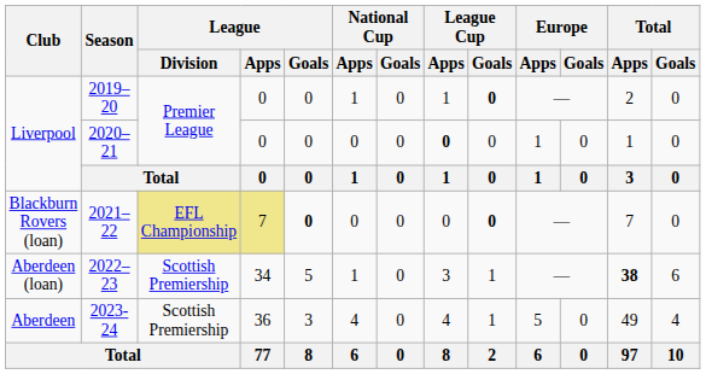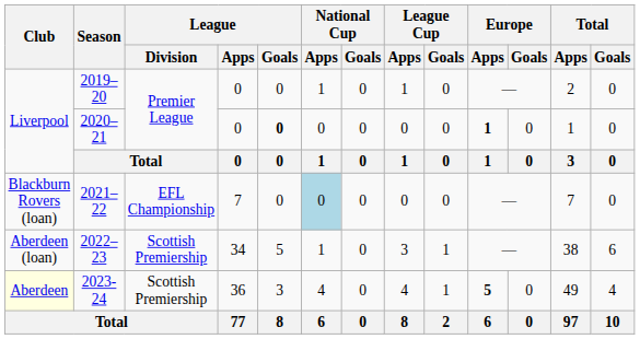 <table class="wikitable" style="text-align:center">
 <tr>
 <th rowspan=2>Club</th>
 <th rowspan=2>Season</th>
 <th colspan=3>League</th>
 <th colspan=2>National Cup</th>
 <th colspan=2>League Cup</th>
 <th colspan=2>Europe</th>
 <th colspan=2>Total</th>
 </tr>
 <tr>
 <th>Division</th>
 <th>Apps</th>
 <th>Goals</th>
 <th>Apps</th>
 <th>Goals</th>
 <th>Apps</th>
 <th>Goals</th>
 <th>Apps</th>
 <th>Goals</th>
 <th>Apps</th>
 <th>Goals</th>
 </tr>
 <tr>
 <td rowspan=3><a href='#'>Liverpool</a></td>
 <td><a href='#'>2019–20</a></td>
 <td rowspan=2><a href='#'>Premier League</a></td>
 <td>0</td>
 <td>0</td>
 <td>1</td>
 <td>0</td>
 <td>1</td>
-<td><strong>0</strong></td>
+<td>0</td>
 <td colspan=2>—</td>
 <td>2</td>
 <td>0</td>
 </tr>
 <tr>
 <td><a href='#'>2020–21</a></td>
 <td>0</td>
+<td><strong>0</strong></td>
 <td>0</td>
 <td>0</td>
 <td>0</td>
-<td><strong>0</strong></td>
 <td>0</td>
-<td>1</td>
+<td><strong>1</strong></td>
 <td>0</td>
 <td>1</td>
 <td>0</td>
 </tr>
 <tr>
 <th colspan=2>Total</th>
 <th>0</th>
 <th>0</th>
 <th>1</th>
 <th>0</th>
 <th>1</th>
 <th>0</th>
 <th>1</th>
 <th>0</th>
 <th>3</th>
 <th>0</th>
 </tr>
 <tr>
 <td><a href='#'>Blackburn Rovers</a> (loan)</td>
 <td><a href='#'>2021–22</a></td>
-<td style="background: khaki;"><a href='#'>EFL Championship</a></td>
-<td style="background: khaki;">7</td>
-<td><strong>0</strong></td>
+<td><a href='#'>EFL Championship</a></td>
+<td>7</td>
+<td>0</td>
+<td style="background: lightblue;">0</td>
 <td>0</td>
 <td>0</td>
 <td>0</td>
-<td><strong>0</strong></td>
 <td colspan="2">—</td>
 <td>7</td>
 <td>0</td>
 </tr>
 <tr>
 <td><a href='#'>Aberdeen</a> (loan)</td>
 <td><a href='#'>2022–23</a></td>
 <td><a href='#'>Scottish Premiership</a></td>
 <td>34</td>
 <td>5</td>
 <td>1</td>
 <td>0</td>
 <td>3</td>
 <td>1</td>
 <td colspan="2">—</td>
-<td><strong>38</strong></td>
+<td>38</td>
 <td>6</td>
 </tr>
 <tr>
-<td><a href='#'>Aberdeen</a></td>
+<td style="background: lightyellow;"><a href='#'>Aberdeen</a></td>
 <td><a href='#'>2023-24</a></td>
 <td>Scottish Premiership</td>
 <td>36</td>
 <td>3</td>
 <td>4</td>
 <td>0</td>
 <td>4</td>
 <td>1</td>
-<td>5</td>
+<td><strong>5</strong></td>
 <td>0</td>
 <td>49</td>
 <td>4</td>
 </tr>
 <tr>
 <th colspan="3">Total</th>
 <th>77</th>
 <th>8</th>
 <th>6</th>
 <th>0</th>
 <th>8</th>
 <th>2</th>
 <th>6</th>
 <th>0</th>
 <th>97</th>
 <th>10</th>
 </tr>
 </table>
